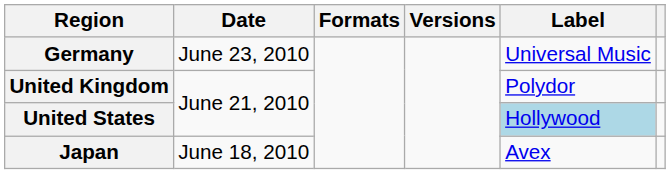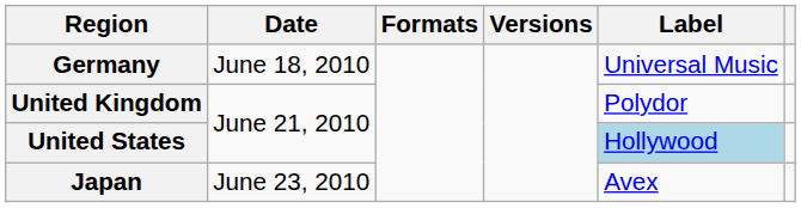 <table class="wikitable plainrowheaders">
 <tr>
 <th scope="col">Region</th>
 <th scope="col">Date</th>
 <th scope="col">Formats</th>
 <th scope="col">Versions</th>
 <th scope="col">Label</th>
 <th scope="col"></th>
 </tr>
 <tr>
 <th scope="row">Germany</th>
-<td>June 23, 2010</td>
+<td>June 18, 2010</td>
 <td rowspan="4"></td>
 <td rowspan="4"></td>
 <td><a href='#'>Universal Music</a></td>
 <td align="center"></td>
 </tr>
 <tr>
 <th scope="row">United Kingdom</th>
 <td rowspan="2">June 21, 2010</td>
 <td><a href='#'>Polydor</a></td>
 <td align="center"></td>
 </tr>
 <tr>
 <th scope="row">United States</th>
 <td style="background: lightblue;"><a href='#'>Hollywood</a></td>
 <td align="center"></td>
 </tr>
 <tr>
 <th scope="row">Japan</th>
-<td>June 18, 2010</td>
+<td>June 23, 2010</td>
 <td><a href='#'>Avex</a></td>
 <td align="center"></td>
 </tr>
 </table>
